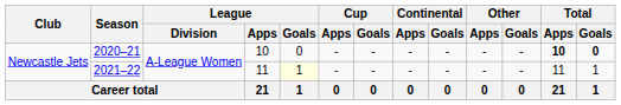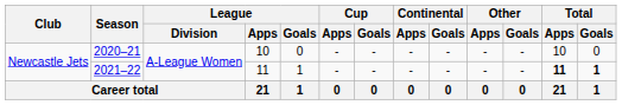 <table class="wikitable" style="text-align:center">
 <tr>
 <th rowspan="2">Club</th>
 <th rowspan="2">Season</th>
 <th colspan="3">League</th>
 <th colspan="2">Cup</th>
 <th colspan="2">Continental</th>
 <th colspan="2">Other</th>
 <th colspan="2">Total</th>
 </tr>
 <tr>
 <th>Division</th>
 <th>Apps</th>
 <th>Goals</th>
 <th>Apps</th>
 <th>Goals</th>
 <th>Apps</th>
 <th>Goals</th>
 <th>Apps</th>
 <th>Goals</th>
 <th>Apps</th>
 <th>Goals</th>
 </tr>
 <tr>
 <td rowspan="2"><a href='#'>Newcastle Jets</a></td>
 <td><a href='#'>2020–21</a></td>
 <td rowspan="2"><a href='#'>A-League Women</a></td>
 <td>10</td>
 <td>0</td>
 <td>-</td>
 <td>-</td>
 <td>-</td>
 <td>-</td>
 <td>-</td>
 <td>-</td>
-<td><strong>10</strong></td>
-<td><strong>0</strong></td>
+<td>10</td>
+<td>0</td>
 </tr>
 <tr>
 <td><a href='#'>2021–22</a></td>
 <td>11</td>
-<td style="background: lightyellow;">1</td>
+<td>1</td>
 <td>-</td>
 <td>-</td>
 <td>-</td>
 <td>-</td>
 <td>-</td>
 <td>-</td>
-<td>11</td>
-<td>1</td>
+<td><strong>11</strong></td>
+<td><strong>1</strong></td>
 </tr>
 <tr>
 <th colspan="3">Career total</th>
 <th>21</th>
 <th>1</th>
 <th>0</th>
 <th>0</th>
 <th>0</th>
 <th>0</th>
 <th>0</th>
 <th>0</th>
 <th>21</th>
 <th>1</th>
 </tr>
 </table>
